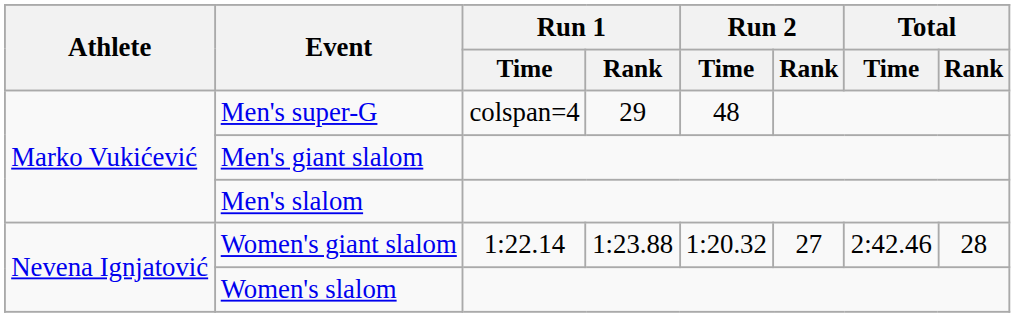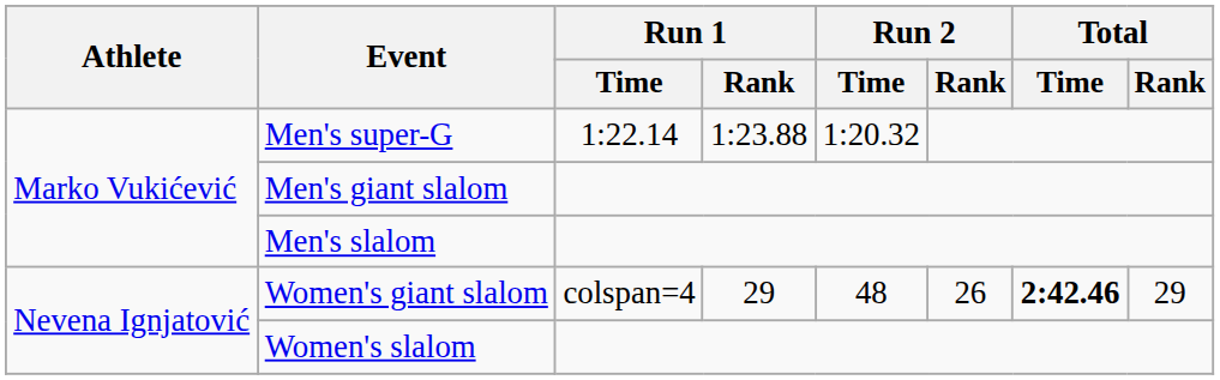 <table class="wikitable" style="font-size:90%">
 <tr>
 <th rowspan=2>Athlete</th>
 <th rowspan=2>Event</th>
 <th colspan=2>Run 1</th>
 <th colspan=2>Run 2</th>
 <th colspan=2>Total</th>
 </tr>
 <tr style="font-size:95%">
 <th>Time</th>
 <th>Rank</th>
 <th>Time</th>
 <th>Rank</th>
 <th>Time</th>
 <th>Rank</th>
 </tr>
 <tr align=center>
 <td style="text-align:left;" rowspan="3"><a href='#'>Marko Vukićević</a></td>
 <td align=left><a href='#'>Men's super-G</a></td>
-<td>colspan=4 </td>
-<td>29</td>
-<td>48</td>
+<td>1:22.14</td>
+<td>1:23.88</td>
+<td>1:20.32</td>
 </tr>
 <tr align=center>
 <td align=left><a href='#'>Men's giant slalom</a></td>
 <td colspan=6></td>
 </tr>
 <tr align=center>
 <td align=left><a href='#'>Men's slalom</a></td>
 <td colspan=6></td>
 </tr>
 <tr align=center>
 <td style="text-align:left;" rowspan="2"><a href='#'>Nevena Ignjatović</a></td>
 <td align=left><a href='#'>Women's giant slalom</a></td>
-<td>1:22.14</td>
-<td>1:23.88</td>
-<td>1:20.32</td>
-<td>27</td>
-<td>2:42.46</td>
-<td>28</td>
+<td>colspan=4 </td>
+<td>29</td>
+<td>48</td>
+<td>26</td>
+<td><strong>2:42.46</strong></td>
+<td>29</td>
 </tr>
 <tr align=center>
 <td align=left><a href='#'>Women's slalom</a></td>
 <td colspan=6></td>
 </tr>
 </table>
